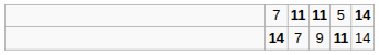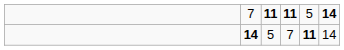 <table class="wikitable">
 <tr>
 <td style="width:18em"><strong></strong></td>
 <td align=center style="width:1em">7</td>
 <td align=center style="width:1em"><strong>11</strong></td>
 <td align=center style="width:1em"><strong>11</strong></td>
 <td align=center style="width:1em">5</td>
 <td align=center style="width:1em"><strong>14</strong></td>
 </tr>
 <tr>
 <td style="width:18em"></td>
 <td align=center style="width:1em"><strong>14</strong></td>
+<td align=center style="width:1em">5</td>
 <td align=center style="width:1em">7</td>
-<td align=center style="width:1em">9</td>
 <td align=center style="width:1em"><strong>11</strong></td>
 <td align=center style="width:1em">14</td>
 </tr>
 </table>
